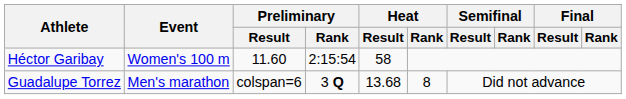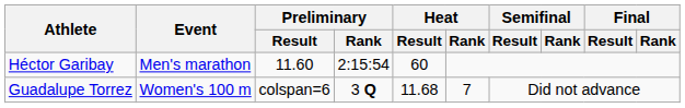 <table class="wikitable" style="font-size:90%">
 <tr>
 <th rowspan="2">Athlete</th>
 <th rowspan="2">Event</th>
 <th colspan="2">Preliminary</th>
 <th colspan="2">Heat</th>
 <th colspan="2">Semifinal</th>
 <th colspan="2">Final</th>
 </tr>
 <tr style="font-size:95%">
 <th>Result</th>
 <th>Rank</th>
 <th>Result</th>
 <th>Rank</th>
 <th>Result</th>
 <th>Rank</th>
 <th>Result</th>
 <th>Rank</th>
 </tr>
 <tr align=center>
 <td align=left><a href='#'>Héctor Garibay</a></td>
-<td align=left><a href='#'>Women's 100 m</a></td>
+<td align=left><a href='#'>Men's marathon</a></td>
 <td>11.60</td>
 <td>2:15:54 </td>
-<td>58</td>
+<td>60</td>
 </tr>
 <tr align=center>
 <td align=left><a href='#'>Guadalupe Torrez</a></td>
-<td align=left><a href='#'>Men's marathon</a></td>
+<td align=left><a href='#'>Women's 100 m</a></td>
 <td>colspan=6 </td>
 <td>3 <strong>Q</strong></td>
-<td>13.68</td>
-<td>8</td>
+<td>11.68</td>
+<td>7</td>
 <td colspan=4>Did not advance</td>
 </tr>
 </table>
